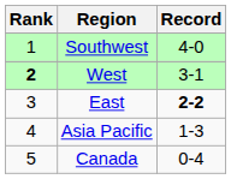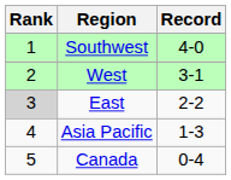 <table class="wikitable">
 <tr>
 <th>Rank</th>
 <th>Region</th>
 <th>Record</th>
 </tr>
 <tr>
 </tr>
 <tr bgcolor=#bbffbb>
 <td align=center>1</td>
 <td align=center> <a href='#'>Southwest</a></td>
 <td align=center>4-0</td>
 </tr>
 <tr>
 </tr>
 <tr bgcolor=#bbffbb>
-<td align=center><strong>2</strong></td>
+<td align=center>2</td>
 <td align=center> <a href='#'>West</a></td>
 <td align=center>3-1</td>
 </tr>
 <tr>
-<td align=center>3</td>
+<td align=center style="background: lightgrey;">3</td>
 <td align=center> <a href='#'>East</a></td>
-<td align=center><strong>2-2</strong></td>
+<td align=center>2-2</td>
 </tr>
 <tr>
 <td align=center>4</td>
 <td align=center> <a href='#'>Asia Pacific</a></td>
 <td align=center>1-3</td>
 </tr>
 <tr>
 <td align=center>5</td>
 <td align=center> <a href='#'>Canada</a></td>
 <td align=center>0-4</td>
 </tr>
 </table>
